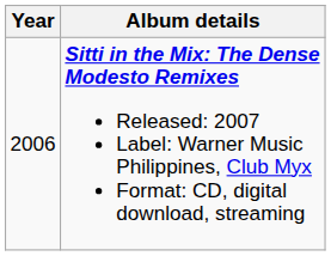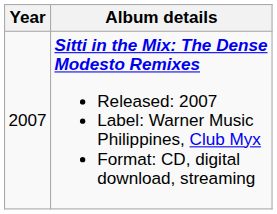 <table class="wikitable">
 <tr>
 <th>Year</th>
 <th style="width:200px;">Album details</th>
 </tr>
 <tr>
-<td>2006</td>
+<td>2007</td>
 <td><strong><em><a href='#'>Sitti in the Mix: The Dense Modesto Remixes</a></em></strong><br><ul><li>Released: 2007</li><li>Label: Warner Music Philippines, <a href='#'>Club Myx</a></li><li>Format: CD, digital download, streaming</li></ul></td>
 </tr>
 </table>
